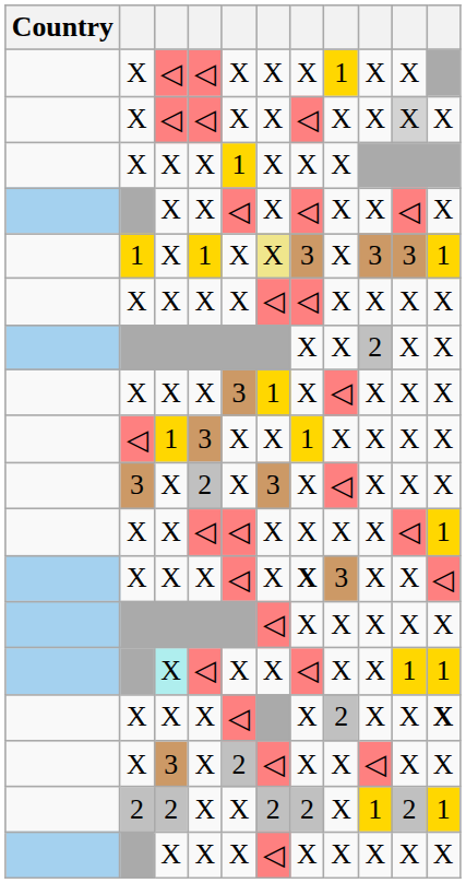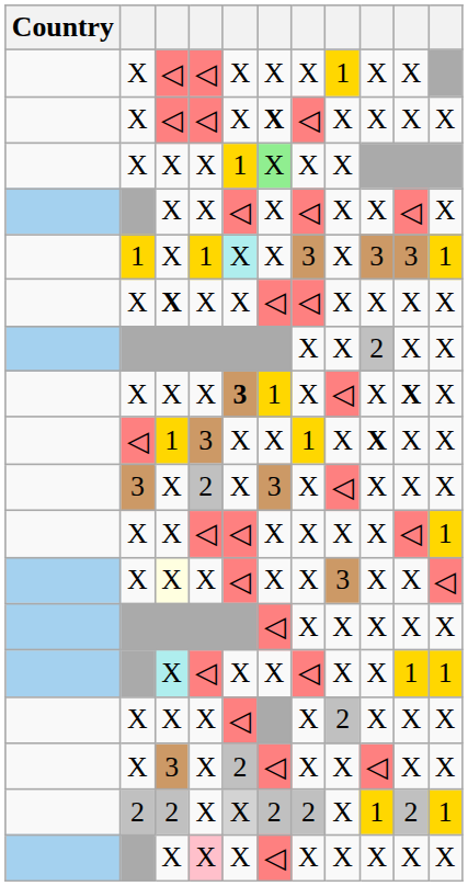 <table class="wikitable collapsible collapsed" style="margin:10px;text-align:center;">
 <tr>
 <th scope="col">Country</th>
 <th scope="col"></th>
 <th scope="col"></th>
 <th scope="col"></th>
 <th scope="col"></th>
 <th scope="col"></th>
 <th scope="col"></th>
 <th scope="col"></th>
 <th scope="col"></th>
 <th scope="col"></th>
 <th scope="col"></th>
 </tr>
 <tr>
 <td align=left></td>
 <td>X</td>
 <td bgcolor="#fe8080">◁</td>
 <td bgcolor="#fe8080">◁</td>
 <td>X</td>
 <td>X</td>
 <td>X</td>
 <td style="background:gold">1</td>
 <td>X</td>
 <td>X</td>
 <td bgcolor="#AAA"></td>
 </tr>
 <tr>
 <td align=left></td>
 <td>X</td>
 <td bgcolor="#fe8080">◁</td>
 <td bgcolor="#fe8080">◁</td>
 <td>X</td>
-<td>X</td>
+<td><strong>X</strong></td>
 <td bgcolor="#fe8080">◁</td>
 <td>X</td>
 <td>X</td>
-<td style="background: lightgrey;">X</td>
+<td>X</td>
 <td>X</td>
 </tr>
 <tr>
 <td align=left></td>
 <td>X</td>
 <td>X</td>
 <td>X</td>
 <td style="background:gold">1</td>
-<td>X</td>
+<td style="background: lightgreen;">X</td>
 <td>X</td>
 <td>X</td>
 <td bgcolor="#AAA" colspan=3></td>
 </tr>
 <tr>
 <td bgcolor="#A4D1EF" align=left> </td>
 <td bgcolor="#AAA"></td>
 <td>X</td>
 <td>X</td>
 <td bgcolor="#fe8080">◁</td>
 <td>X</td>
 <td bgcolor="#fe8080">◁</td>
 <td>X</td>
 <td>X</td>
 <td bgcolor="#fe8080">◁</td>
 <td>X</td>
 </tr>
 <tr>
 <td align=left></td>
 <td style="background:gold">1</td>
 <td>X</td>
 <td style="background:gold">1</td>
+<td style="background: paleturquoise;">X</td>
 <td>X</td>
-<td style="background: khaki;">X</td>
 <td style="background:#c96;">3</td>
 <td>X</td>
 <td style="background:#c96;">3</td>
 <td style="background:#c96;">3</td>
 <td style="background:gold">1</td>
 </tr>
 <tr>
 <td align=left></td>
 <td>X</td>
-<td>X</td>
+<td><strong>X</strong></td>
 <td>X</td>
 <td>X</td>
 <td bgcolor="#fe8080">◁</td>
 <td bgcolor="#fe8080">◁</td>
 <td>X</td>
 <td>X</td>
 <td>X</td>
 <td>X</td>
 </tr>
 <tr>
 <td bgcolor="#A4D1EF" align=left> </td>
 <td bgcolor="#AAA" colspan=5></td>
 <td>X</td>
 <td>X</td>
 <td style="background:silver">2</td>
 <td>X</td>
 <td>X</td>
 </tr>
 <tr>
 <td align=left></td>
 <td>X</td>
 <td>X</td>
 <td>X</td>
-<td style="background:#c96;">3</td>
+<td style="background:#c96;"><strong>3</strong></td>
 <td style="background:gold">1</td>
 <td>X</td>
 <td bgcolor="#fe8080">◁</td>
 <td>X</td>
-<td>X</td>
+<td><strong>X</strong></td>
 <td>X</td>
 </tr>
 <tr>
 <td align=left></td>
 <td bgcolor="#fe8080">◁</td>
 <td style="background:gold">1</td>
 <td style="background:#c96;">3</td>
 <td>X</td>
 <td>X</td>
 <td style="background:gold">1</td>
 <td>X</td>
-<td>X</td>
+<td><strong>X</strong></td>
 <td>X</td>
 <td>X</td>
 </tr>
 <tr>
 <td align=left></td>
 <td style="background:#c96;">3</td>
 <td>X</td>
 <td style="background:silver">2</td>
 <td>X</td>
 <td style="background:#c96;">3</td>
 <td>X</td>
 <td bgcolor="#fe8080">◁</td>
 <td>X</td>
 <td>X</td>
 <td>X</td>
 </tr>
 <tr>
 <td align=left></td>
 <td>X</td>
 <td>X</td>
 <td bgcolor="#fe8080">◁</td>
 <td bgcolor="#fe8080">◁</td>
 <td>X</td>
 <td>X</td>
 <td>X</td>
 <td>X</td>
 <td bgcolor="#fe8080">◁</td>
 <td style="background:gold">1</td>
 </tr>
 <tr>
 <td bgcolor="#A4D1EF" align=left> </td>
 <td>X</td>
-<td>X</td>
+<td style="background: lightyellow;">X</td>
 <td>X</td>
 <td bgcolor="#fe8080">◁</td>
 <td>X</td>
-<td><strong>X</strong></td>
+<td>X</td>
 <td style="background:#c96;">3</td>
 <td>X</td>
 <td>X</td>
 <td bgcolor="#fe8080">◁</td>
 </tr>
 <tr>
 <td bgcolor="#A4D1EF" align=left> </td>
 <td bgcolor="#AAA" colspan=4></td>
 <td bgcolor="#fe8080">◁</td>
 <td>X</td>
 <td>X</td>
 <td>X</td>
 <td>X</td>
 <td>X</td>
 </tr>
 <tr>
 <td bgcolor="#A4D1EF" align=left> </td>
 <td bgcolor="#AAA"></td>
 <td style="background: paleturquoise;">X</td>
 <td bgcolor="#fe8080">◁</td>
 <td>X</td>
 <td>X</td>
 <td bgcolor="#fe8080">◁</td>
 <td>X</td>
 <td>X</td>
 <td style="background:gold">1</td>
 <td style="background:gold">1</td>
 </tr>
 <tr>
 <td align=left></td>
 <td>X</td>
 <td>X</td>
 <td>X</td>
 <td bgcolor="#fe8080">◁</td>
 <td bgcolor="#AAA"></td>
 <td>X</td>
 <td style="background:silver">2</td>
 <td>X</td>
 <td>X</td>
-<td><strong>X</strong></td>
+<td>X</td>
 </tr>
 <tr>
 <td align=left></td>
 <td>X</td>
 <td style="background:#c96;">3</td>
 <td>X</td>
 <td style="background:silver">2</td>
 <td bgcolor="#fe8080">◁</td>
 <td>X</td>
 <td>X</td>
 <td bgcolor="#fe8080">◁</td>
 <td>X</td>
 <td>X</td>
 </tr>
 <tr>
 <td align=left></td>
 <td style="background:silver">2</td>
 <td style="background:silver">2</td>
 <td>X</td>
-<td>X</td>
+<td style="background: lightgrey;">X</td>
 <td style="background:silver">2</td>
 <td style="background:silver">2</td>
 <td>X</td>
 <td style="background:gold">1</td>
 <td style="background:silver">2</td>
 <td style="background:gold">1</td>
 </tr>
 <tr>
 <td bgcolor="#A4D1EF" align=left> </td>
 <td bgcolor="#AAA"></td>
 <td>X</td>
-<td>X</td>
+<td style="background: pink;">X</td>
 <td>X</td>
 <td bgcolor="#fe8080">◁</td>
 <td>X</td>
 <td>X</td>
 <td>X</td>
 <td>X</td>
 <td>X</td>
 </tr>
 </table>
